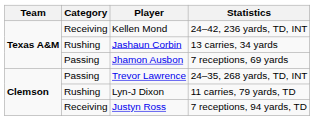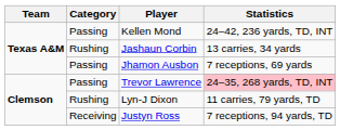 <table class="wikitable" style="float: right;">
 <tr>
 <th>Team</th>
 <th>Category</th>
 <th>Player</th>
 <th>Statistics</th>
 </tr>
 <tr>
 <td rowspan=3><strong>Texas A&M</strong></td>
-<td>Receiving</td>
+<td>Passing</td>
 <td>Kellen Mond</td>
 <td>24–42, 236 yards, TD, INT</td>
 </tr>
 <tr>
 <td>Rushing</td>
 <td><a href='#'>Jashaun Corbin</a></td>
 <td>13 carries, 34 yards</td>
 </tr>
 <tr>
 <td>Passing</td>
 <td><a href='#'>Jhamon Ausbon</a></td>
 <td>7 receptions, 69 yards</td>
 </tr>
 <tr>
 <td rowspan=3><strong>Clemson</strong></td>
 <td>Passing</td>
 <td><a href='#'>Trevor Lawrence</a></td>
-<td>24–35, 268 yards, TD, INT</td>
+<td style="background: pink;">24–35, 268 yards, TD, INT</td>
 </tr>
 <tr>
 <td>Rushing</td>
 <td>Lyn-J Dixon</td>
 <td>11 carries, 79 yards, TD</td>
 </tr>
 <tr>
 <td>Receiving</td>
 <td><a href='#'>Justyn Ross</a></td>
 <td>7 receptions, 94 yards, TD</td>
 </tr>
 </table>
